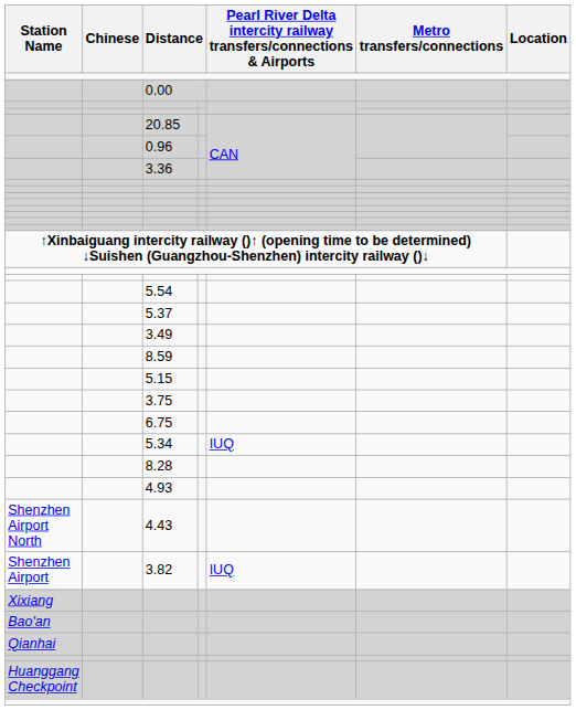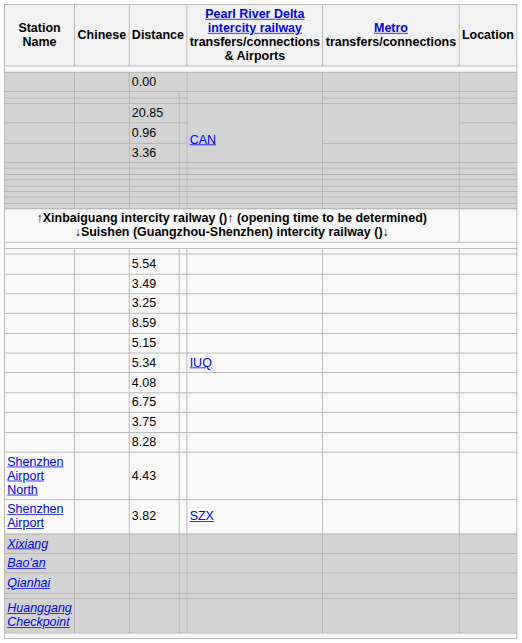 <table class="wikitable">
 <tr>
 <th>Station Name</th>
 <th>Chinese</th>
 <th colspan="2">Distance<br></th>
 <th><a href='#'>Pearl River Delta intercity railway</a> <br>transfers/connections & Airports</th>
 <th><a href='#'>Metro</a><br>transfers/connections</th>
 <th>Location</th>
 </tr>
 <tr style="background:#">
 <td colspan = "7"></td>
 </tr>
 <tr bgcolor="lightgrey">
 <td><em></em></td>
 <td></td>
 <td colspan="2">0.00</td>
 <td> </td>
 <td>  </td>
 <td></td>
 </tr>
 <tr bgcolor="lightgrey">
 <td><em></em></td>
 <td></td>
 <td></td>
 <td></td>
 <td rowspan="2"></td>
 <td></td>
 <td></td>
 </tr>
 <tr bgcolor="lightgrey">
 <td><em></em></td>
 <td></td>
 <td></td>
 <td></td>
 <td></td>
 <td></td>
 </tr>
 <tr bgcolor="lightgrey">
 <td><em></em> </td>
 <td></td>
 <td>20.85</td>
 <td></td>
 <td rowspan="3"><br> <a href='#'>CAN</a></td>
 <td rowspan="2"> </td>
 <td></td>
 </tr>
 <tr bgcolor="lightgrey">
 <td><em></em> </td>
 <td></td>
 <td>0.96</td>
 <td></td>
 <td></td>
 </tr>
 <tr bgcolor="lightgrey">
 <td><em></em> </td>
 <td></td>
 <td>3.36</td>
 <td></td>
 <td></td>
 <td></td>
 </tr>
 <tr bgcolor="lightgrey">
 <td><em></em></td>
 <td></td>
 <td></td>
 <td></td>
 <td></td>
 <td> </td>
 <td></td>
 </tr>
 <tr bgcolor="lightgrey">
 <td><em></em></td>
 <td></td>
 <td></td>
 <td></td>
 <td></td>
 <td></td>
 <td></td>
 </tr>
 <tr bgcolor="lightgrey">
 <td><em></em></td>
 <td></td>
 <td></td>
 <td></td>
 <td></td>
 <td>  </td>
 <td></td>
 </tr>
 <tr bgcolor="lightgrey">
 <td><em></em></td>
 <td></td>
 <td></td>
 <td></td>
 <td></td>
 <td></td>
 <td></td>
 </tr>
 <tr bgcolor="lightgrey">
 <td><em></em></td>
 <td></td>
 <td></td>
 <td></td>
 <td></td>
 <td></td>
 <td></td>
 </tr>
 <tr bgcolor="lightgrey">
 <td><em></em></td>
 <td></td>
 <td></td>
 <td></td>
 <td></td>
 <td>  </td>
 <td></td>
 </tr>
 <tr bgcolor="lightgrey">
 <td><em></em></td>
 <td></td>
 <td></td>
 <td></td>
 <td></td>
 <td></td>
 <td></td>
 </tr>
 <tr bgcolor="lightgrey">
 <td><em></em></td>
 <td></td>
 <td></td>
 <td></td>
 <td></td>
 <td></td>
 <td></td>
 </tr>
 <tr>
 <td colspan = "6" align= "center"><strong>↑Xinbaiguang intercity railway ()↑ (opening time to be determined)<br>↓Suishen (Guangzhou-Shenzhen) intercity railway ()↓</strong></td>
 </tr>
 <tr style="background:#">
 <td colspan = "7"></td>
 </tr>
 <tr>
 <td> </td>
 <td></td>
 <td></td>
 <td></td>
 <td></td>
 <td>  </td>
 </tr>
 <tr>
 <td></td>
 <td></td>
 <td>5.54</td>
 <td></td>
 <td></td>
 <td></td>
 <td></td>
 </tr>
 <tr>
+<td> </td>
 <td></td>
-<td></td>
-<td>5.37</td>
+<td>3.49</td>
 <td></td>
 <td></td>
 <td></td>
 <td></td>
 </tr>
 <tr>
-<td> </td>
 <td></td>
-<td>3.49</td>
+<td></td>
+<td>3.25</td>
 <td></td>
 <td></td>
 <td></td>
 <td></td>
 </tr>
 <tr>
 <td> </td>
 <td></td>
 <td>8.59</td>
 <td></td>
 <td></td>
 <td></td>
 <td></td>
 </tr>
 <tr>
 <td></td>
 <td></td>
 <td>5.15</td>
 <td></td>
 <td></td>
 <td></td>
 <td></td>
 </tr>
 <tr>
+<td> </td>
 <td></td>
+<td>5.34</td>
 <td></td>
-<td>3.75</td>
+<td> <a href='#'>IUQ</a> </td>
+<td>  </td>
+<td></td>
+</tr>
+<tr>
+<td> </td>
+<td></td>
+<td>4.08</td>
 <td></td>
 <td></td>
 <td></td>
 <td></td>
 </tr>
 <tr>
 <td> </td>
 <td></td>
 <td>6.75</td>
 <td></td>
 <td></td>
 <td></td>
 <td></td>
 </tr>
 <tr>
-<td> </td>
 <td></td>
-<td>5.34</td>
 <td></td>
-<td> <a href='#'>IUQ</a> </td>
-<td>  </td>
+<td>3.75</td>
+<td></td>
+<td></td>
+<td></td>
 <td></td>
 </tr>
 <tr>
 <td> </td>
 <td></td>
 <td>8.28</td>
 <td></td>
 <td></td>
 <td></td>
-<td></td>
-</tr>
-<tr>
-<td> </td>
-<td></td>
-<td>4.93</td>
-<td></td>
-<td></td>
-<td> </td>
 <td></td>
 </tr>
 <tr>
 <td><a href='#'>Shenzhen Airport North</a> </td>
 <td></td>
 <td>4.43</td>
 <td></td>
 <td></td>
 <td>  </td>
 <td></td>
 </tr>
 <tr>
 <td><a href='#'>Shenzhen Airport</a> </td>
 <td></td>
 <td>3.82</td>
 <td></td>
-<td> <a href='#'>IUQ</a> </td>
+<td> <a href='#'>SZX</a></td>
 <td> </td>
 <td></td>
 </tr>
 <tr bgcolor="lightgrey">
 <td><em><a href='#'>Xixiang</a></em></td>
 <td></td>
 <td></td>
 <td></td>
 <td></td>
 <td></td>
 <td></td>
 </tr>
 <tr bgcolor="lightgrey">
 <td><em><a href='#'>Bao'an</a></em></td>
 <td></td>
 <td></td>
 <td></td>
 <td></td>
 <td>  </td>
 <td></td>
 </tr>
 <tr bgcolor="lightgrey">
 <td><em><a href='#'>Qianhai</a></em></td>
 <td></td>
 <td></td>
 <td></td>
 <td> </td>
 <td>    </td>
 <td></td>
 </tr>
 <tr bgcolor="lightgrey">
 <td><em></em></td>
 <td></td>
 <td></td>
 <td></td>
 <td></td>
 <td></td>
 <td></td>
 </tr>
 <tr bgcolor="lightgrey">
 <td><em><a href='#'>Huanggang Checkpoint</a></em></td>
 <td></td>
 <td></td>
 <td></td>
 <td></td>
 <td> </td>
 <td></td>
 </tr>
 <tr style="background:#">
 <td colspan = "7"></td>
 </tr>
 </table>
